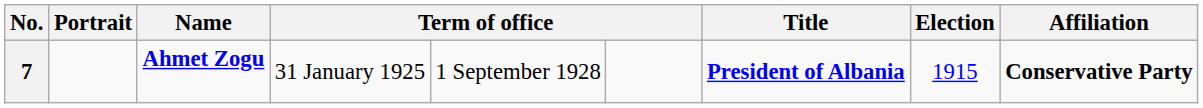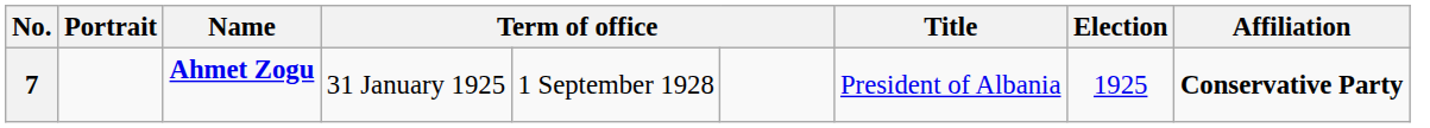 <table class="wikitable" style="text-align:center;">
 <tr>
 <th>No.</th>
 <th>Portrait</th>
 <th>Name</th>
 <th colspan="3">Term of office</th>
 <th>Title</th>
 <th>Election</th>
 <th>Affiliation</th>
 </tr>
 <tr>
 <th style="background:">7</th>
 <td></td>
 <td><strong><a href='#'>Ahmet Zogu</a></strong><br><br></td>
 <td>31 January 1925</td>
 <td>1 September 1928</td>
 <td width="60px"><em></em></td>
-<td><strong><a href='#'>President of Albania</a></strong></td>
-<td><a href='#'>1915</a></td>
+<td><a href='#'>President of Albania</a></td>
+<td><a href='#'>1925</a></td>
 <td><strong>Conservative Party</strong></td>
 </tr>
 </table>
